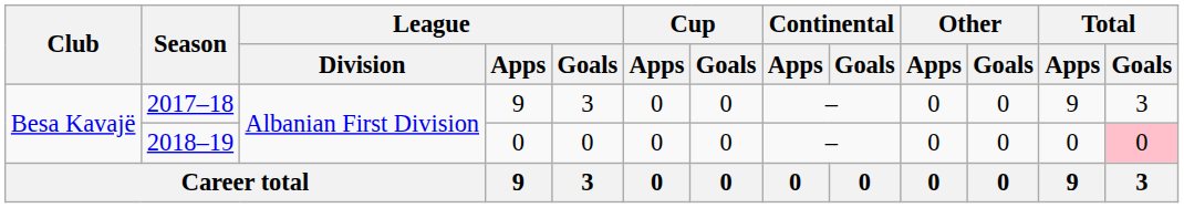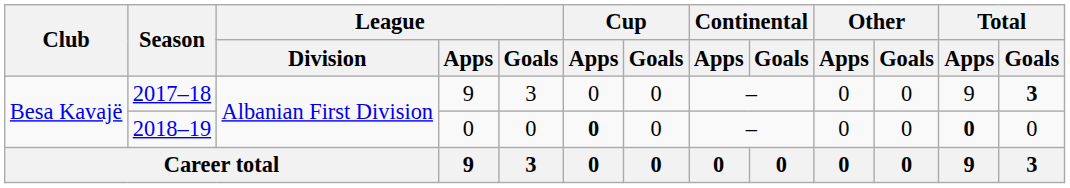 <table class="wikitable" style="text-align: center">
 <tr>
 <th rowspan="2">Club</th>
 <th rowspan="2">Season</th>
 <th colspan="3">League</th>
 <th colspan="2">Cup</th>
 <th colspan="2">Continental</th>
 <th colspan="2">Other</th>
 <th colspan="2">Total</th>
 </tr>
 <tr>
 <th>Division</th>
 <th>Apps</th>
 <th>Goals</th>
 <th>Apps</th>
 <th>Goals</th>
 <th>Apps</th>
 <th>Goals</th>
 <th>Apps</th>
 <th>Goals</th>
 <th>Apps</th>
 <th>Goals</th>
 </tr>
 <tr>
 <td rowspan="2"><a href='#'>Besa Kavajë</a></td>
 <td><a href='#'>2017–18</a></td>
 <td rowspan="2"><a href='#'>Albanian First Division</a></td>
 <td>9</td>
 <td>3</td>
 <td>0</td>
 <td>0</td>
 <td colspan="2">–</td>
 <td>0</td>
 <td>0</td>
 <td>9</td>
-<td>3</td>
+<td><strong>3</strong></td>
 </tr>
 <tr>
 <td><a href='#'>2018–19</a></td>
 <td>0</td>
 <td>0</td>
-<td>0</td>
+<td><strong>0</strong></td>
 <td>0</td>
 <td colspan="2">–</td>
 <td>0</td>
 <td>0</td>
+<td><strong>0</strong></td>
 <td>0</td>
-<td style="background: pink;">0</td>
 </tr>
 <tr>
 <th colspan="3"><strong>Career total</strong></th>
 <th>9</th>
 <th>3</th>
 <th>0</th>
 <th>0</th>
 <th>0</th>
 <th>0</th>
 <th>0</th>
 <th>0</th>
 <th>9</th>
 <th>3</th>
 </tr>
 </table>
